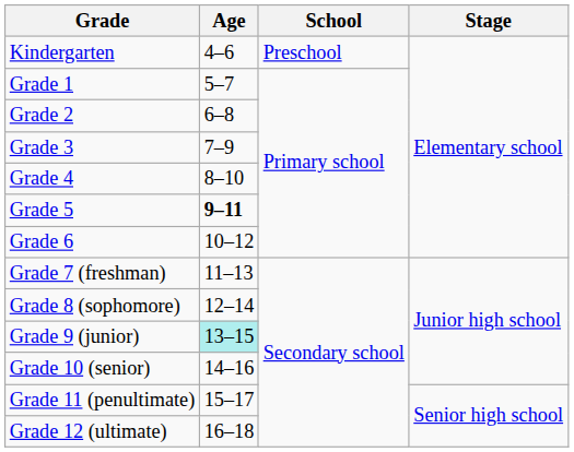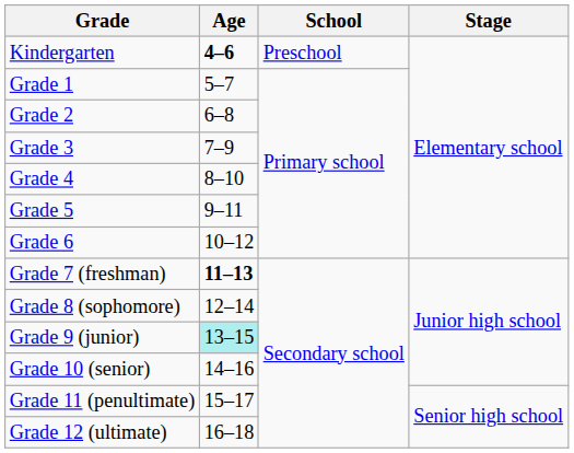 <table class="wikitable">
 <tr>
 <th>Grade</th>
 <th>Age</th>
 <th>School</th>
 <th>Stage</th>
 </tr>
 <tr>
 <td><a href='#'>Kindergarten</a></td>
-<td>4–6</td>
+<td><strong>4–6</strong></td>
 <td><a href='#'>Preschool</a></td>
 <td rowspan=7><a href='#'>Elementary school</a></td>
 </tr>
 <tr>
 <td><a href='#'>Grade 1</a></td>
 <td>5–7</td>
 <td rowspan=6><a href='#'>Primary school</a></td>
 </tr>
 <tr>
 <td><a href='#'>Grade 2</a></td>
 <td>6–8</td>
 </tr>
 <tr>
 <td><a href='#'>Grade 3</a></td>
 <td>7–9</td>
 </tr>
 <tr>
 <td><a href='#'>Grade 4</a></td>
 <td>8–10</td>
 </tr>
 <tr>
 <td><a href='#'>Grade 5</a></td>
-<td><strong>9–11</strong></td>
+<td>9–11</td>
 </tr>
 <tr>
 <td><a href='#'>Grade 6</a></td>
 <td>10–12</td>
 </tr>
 <tr>
 <td><a href='#'>Grade 7</a> (freshman)</td>
-<td>11–13</td>
+<td><strong>11–13</strong></td>
 <td rowspan=6><a href='#'>Secondary school</a></td>
 <td rowspan=4><a href='#'>Junior high school</a></td>
 </tr>
 <tr>
 <td><a href='#'>Grade 8</a> (sophomore)</td>
 <td>12–14</td>
 </tr>
 <tr>
 <td><a href='#'>Grade 9</a> (junior)</td>
 <td style="background: paleturquoise;">13–15</td>
 </tr>
 <tr>
 <td><a href='#'>Grade 10</a> (senior)</td>
 <td>14–16</td>
 </tr>
 <tr>
 <td><a href='#'>Grade 11</a> (penultimate)</td>
 <td>15–17</td>
 <td rowspan=2><a href='#'>Senior high school</a></td>
 </tr>
 <tr>
 <td><a href='#'>Grade 12</a> (ultimate)</td>
 <td>16–18</td>
 </tr>
 </table>
